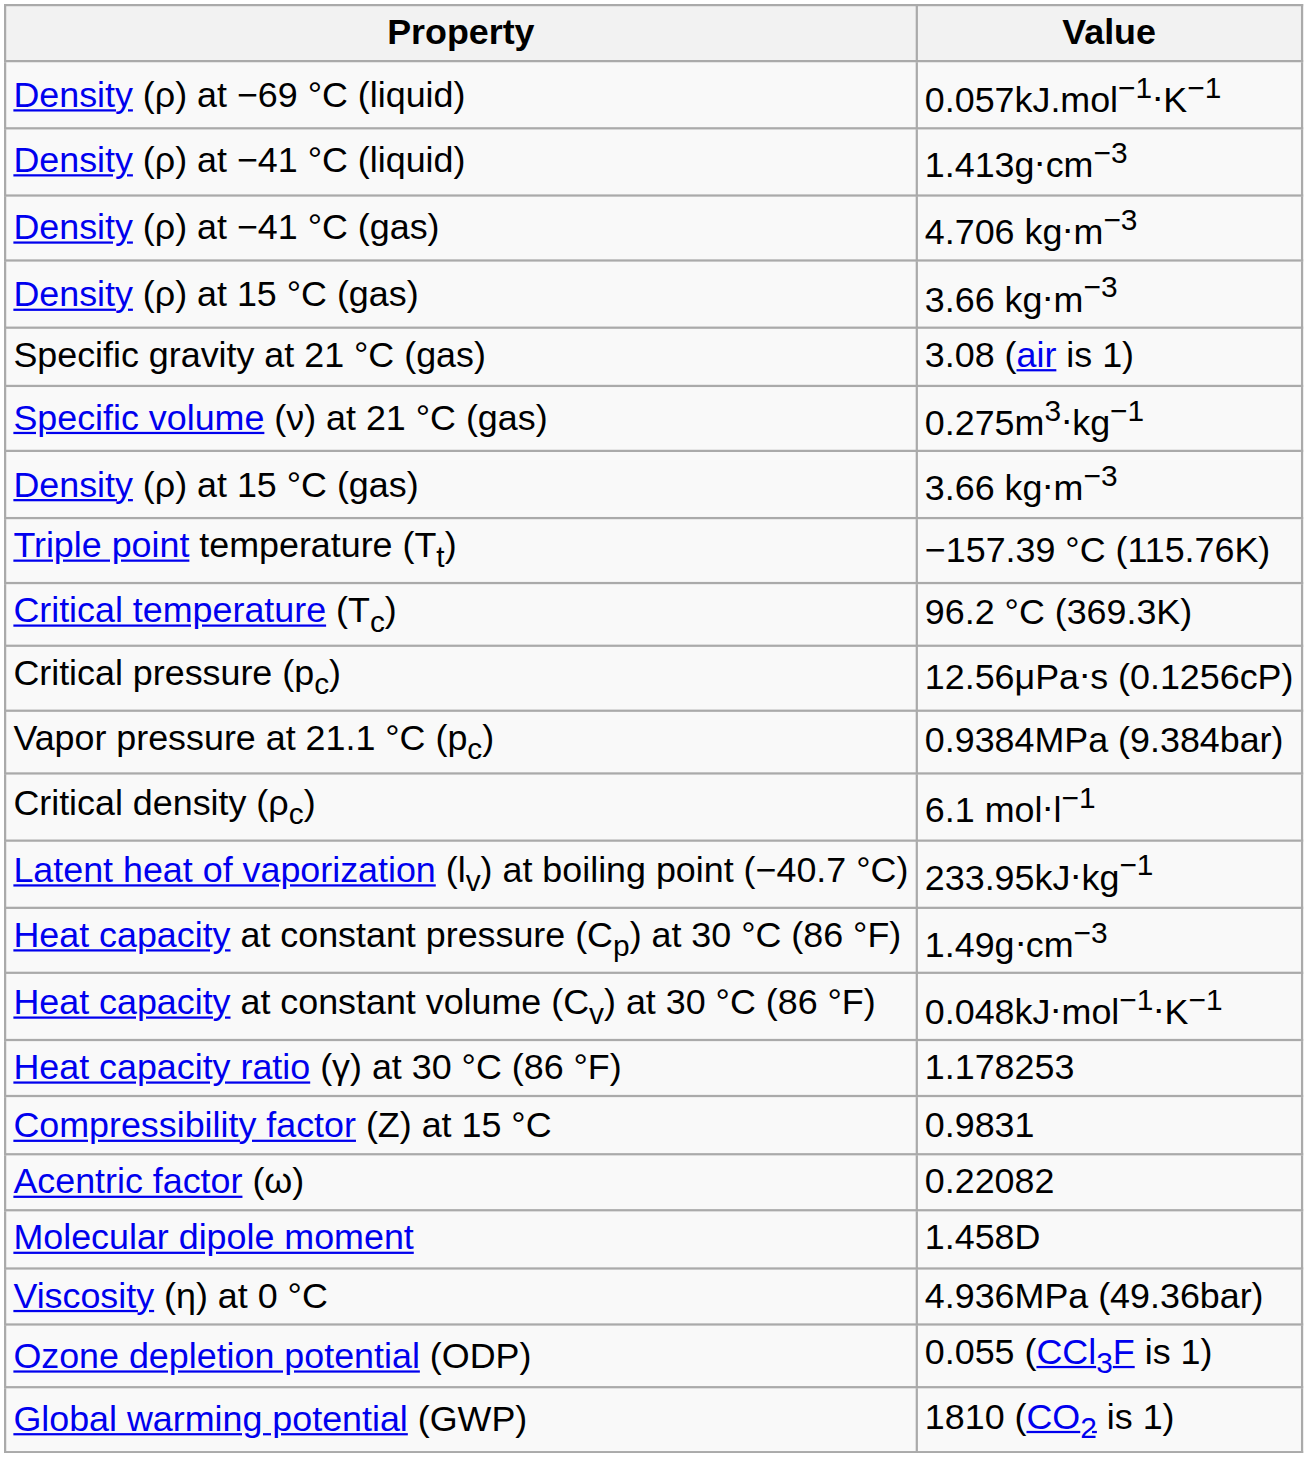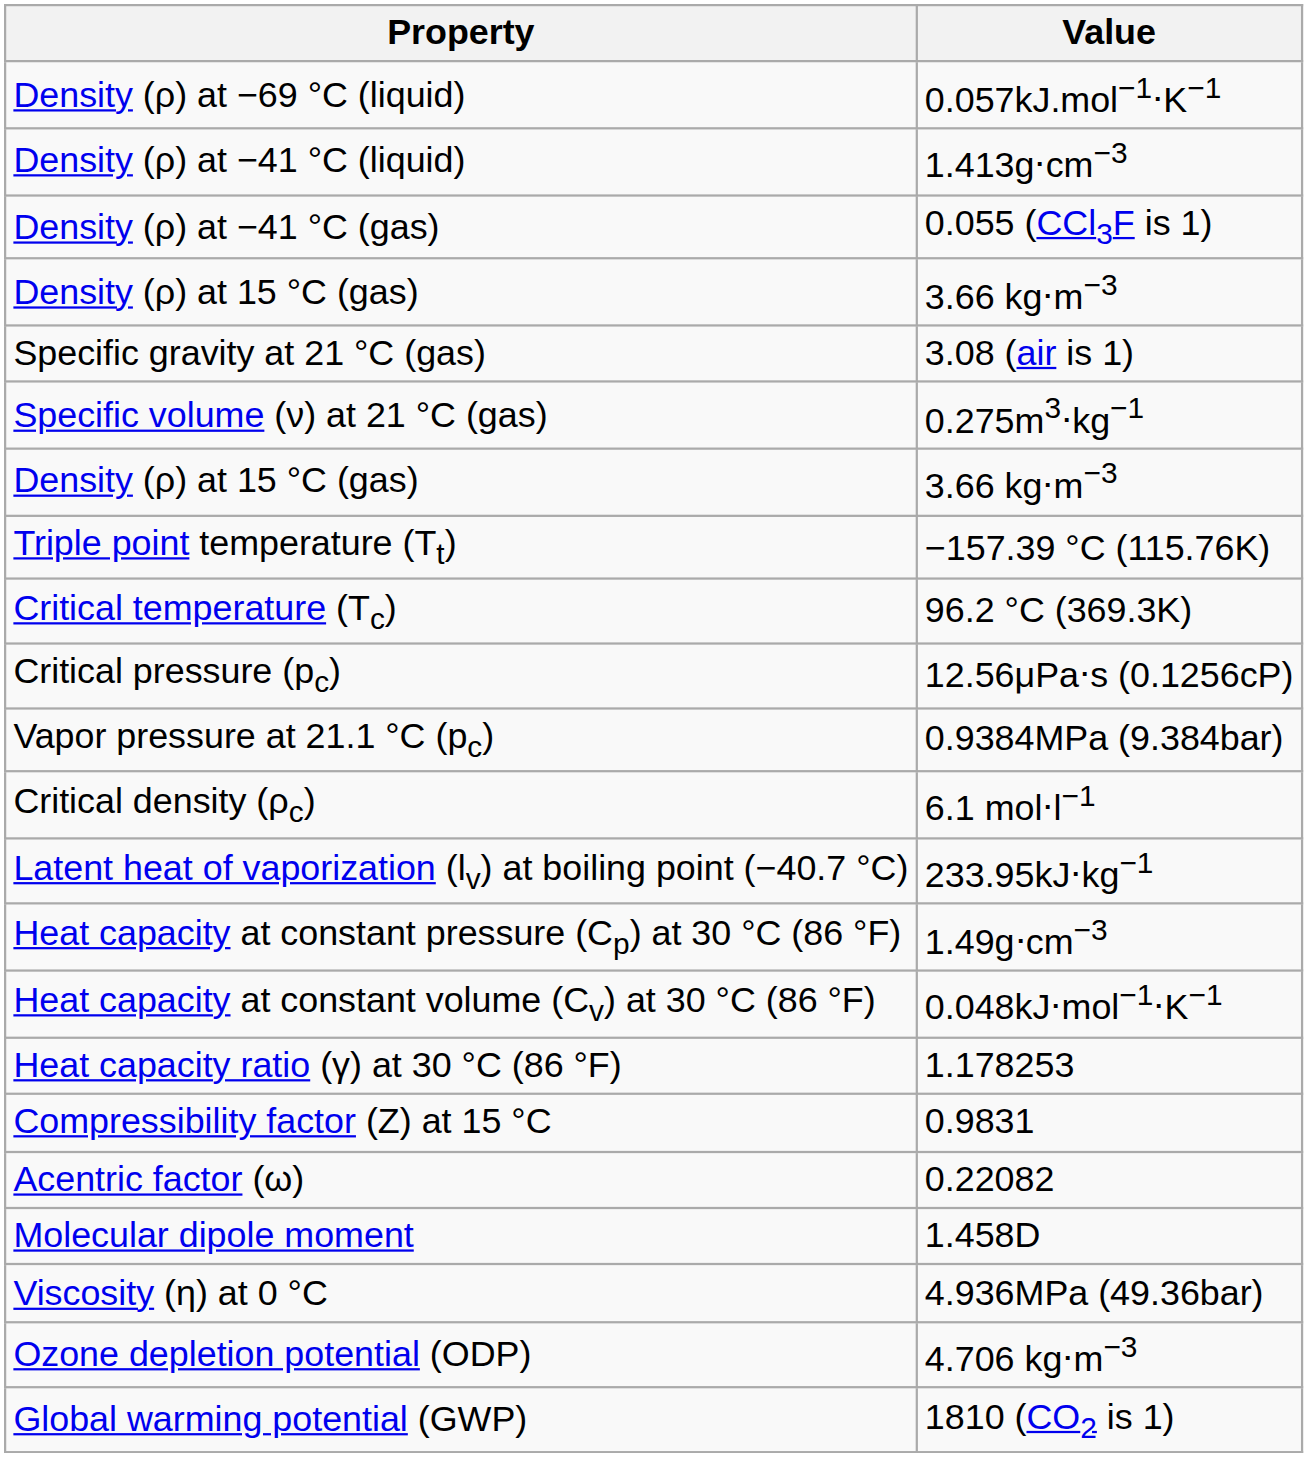 <table class="wikitable">
 <tr>
 <th>Property</th>
 <th>Value</th>
 </tr>
 <tr>
 <td><a href='#'>Density</a> (ρ) at −69 °C (liquid)</td>
 <td>0.057kJ.mol<sup>−1</sup>⋅K<sup>−1</sup></td>
 </tr>
 <tr>
 <td><a href='#'>Density</a> (ρ) at −41 °C (liquid)</td>
 <td>1.413g⋅cm<sup>−3</sup></td>
 </tr>
 <tr>
 <td><a href='#'>Density</a> (ρ) at −41 °C (gas)</td>
-<td>4.706 kg⋅m<sup>−3</sup></td>
+<td>0.055 (<a href='#'>CCl<sub>3</sub>F</a> is 1)</td>
 </tr>
 <tr>
 <td><a href='#'>Density</a> (ρ) at 15 °C (gas)</td>
 <td>3.66 kg⋅m<sup>−3</sup></td>
 </tr>
 <tr>
 <td>Specific gravity at 21 °C (gas)</td>
 <td>3.08 (<a href='#'>air</a> is 1)</td>
 </tr>
 <tr>
 <td><a href='#'>Specific volume</a> (ν) at 21 °C (gas)</td>
 <td>0.275m<sup>3</sup>⋅kg<sup>−1</sup></td>
 </tr>
 <tr>
 <td><a href='#'>Density</a> (ρ) at 15 °C (gas)</td>
 <td>3.66 kg⋅m<sup>−3</sup></td>
 </tr>
 <tr>
 <td><a href='#'>Triple point</a> temperature (T<sub>t</sub>)</td>
 <td>−157.39 °C (115.76K)</td>
 </tr>
 <tr>
 <td><a href='#'>Critical temperature</a> (T<sub>c</sub>)</td>
 <td>96.2 °C (369.3K)</td>
 </tr>
 <tr>
 <td>Critical pressure (p<sub>c</sub>)</td>
 <td>12.56μPa⋅s (0.1256cP)</td>
 </tr>
 <tr>
 <td>Vapor pressure at 21.1 °C (p<sub>c</sub>)</td>
 <td>0.9384MPa (9.384bar)</td>
 </tr>
 <tr>
 <td>Critical density (ρ<sub>c</sub>)</td>
 <td>6.1 mol⋅l<sup>−1</sup></td>
 </tr>
 <tr>
 <td><a href='#'>Latent heat of vaporization</a> (l<sub>v</sub>) at boiling point (−40.7 °C)</td>
 <td>233.95kJ⋅kg<sup>−1</sup></td>
 </tr>
 <tr>
 <td><a href='#'>Heat capacity</a> at constant pressure (C<sub>p</sub>) at 30 °C (86 °F)</td>
 <td>1.49g⋅cm<sup>−3</sup></td>
 </tr>
 <tr>
 <td><a href='#'>Heat capacity</a> at constant volume (C<sub>v</sub>) at 30 °C (86 °F)</td>
 <td>0.048kJ⋅mol<sup>−1</sup>⋅K<sup>−1</sup></td>
 </tr>
 <tr>
 <td><a href='#'>Heat capacity ratio</a> (γ) at 30 °C (86 °F)</td>
 <td>1.178253</td>
 </tr>
 <tr>
 <td><a href='#'>Compressibility factor</a> (Z) at 15 °C</td>
 <td>0.9831</td>
 </tr>
 <tr>
 <td><a href='#'>Acentric factor</a> (ω)</td>
 <td>0.22082</td>
 </tr>
 <tr>
 <td><a href='#'>Molecular dipole moment</a></td>
 <td>1.458D</td>
 </tr>
 <tr>
 <td><a href='#'>Viscosity</a> (η) at 0 °C</td>
 <td>4.936MPa (49.36bar)</td>
 </tr>
 <tr>
 <td><a href='#'>Ozone depletion potential</a> (ODP)</td>
-<td>0.055 (<a href='#'>CCl<sub>3</sub>F</a> is 1)</td>
+<td>4.706 kg⋅m<sup>−3</sup></td>
 </tr>
 <tr>
 <td><a href='#'>Global warming potential</a> (GWP)</td>
 <td>1810 (<a href='#'>CO<sub>2</sub></a> is 1)</td>
 </tr>
 </table>
